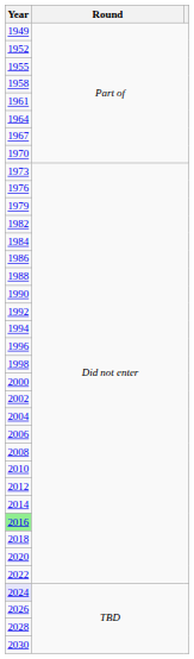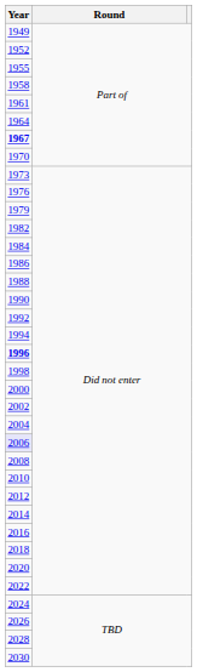 <table class="wikitable" style="text-align: center; font-size:90%">
 <tr>
 <th>Year</th>
 <th style="width:200px">Round</th>
 <th></th>
 </tr>
 <tr>
 <td><a href='#'>1949</a></td>
 <td colspan="2" rowspan="8"><em>Part of </em></td>
 </tr>
 <tr>
 <td><a href='#'>1952</a></td>
 </tr>
 <tr>
 <td><a href='#'>1955</a></td>
 </tr>
 <tr>
 <td><a href='#'>1958</a></td>
 </tr>
 <tr>
 <td><a href='#'>1961</a></td>
 </tr>
 <tr>
 <td><a href='#'>1964</a></td>
 </tr>
 <tr>
-<td><a href='#'>1967</a></td>
+<td><strong><a href='#'>1967</a></strong></td>
 </tr>
 <tr>
 <td><a href='#'>1970</a></td>
 </tr>
 <tr>
 <td><a href='#'>1973</a></td>
 <td colspan="2" rowspan="24"><em>Did not enter</em></td>
 </tr>
 <tr>
 <td><a href='#'>1976</a></td>
 </tr>
 <tr>
 <td><a href='#'>1979</a></td>
 </tr>
 <tr>
 <td><a href='#'>1982</a></td>
 </tr>
 <tr>
 <td><a href='#'>1984</a></td>
 </tr>
 <tr>
 <td><a href='#'>1986</a></td>
 </tr>
 <tr>
 <td><a href='#'>1988</a></td>
 </tr>
 <tr>
 <td><a href='#'>1990</a></td>
 </tr>
 <tr>
 <td><a href='#'>1992</a></td>
 </tr>
 <tr>
 <td><a href='#'>1994</a></td>
 </tr>
 <tr>
-<td><a href='#'>1996</a></td>
+<td><strong><a href='#'>1996</a></strong></td>
 </tr>
 <tr>
 <td><a href='#'>1998</a></td>
 </tr>
 <tr>
 <td><a href='#'>2000</a></td>
 </tr>
 <tr>
 <td><a href='#'>2002</a></td>
 </tr>
 <tr>
 <td><a href='#'>2004</a></td>
 </tr>
 <tr>
-<td><a href='#'>2006</a></td>
+<td style="background: lavender;"><a href='#'>2006</a></td>
 </tr>
 <tr>
 <td><a href='#'>2008</a></td>
 </tr>
 <tr>
 <td><a href='#'>2010</a></td>
 </tr>
 <tr>
 <td><a href='#'>2012</a></td>
 </tr>
 <tr>
 <td><a href='#'>2014</a></td>
 </tr>
 <tr>
-<td style="background: lightgreen;"><a href='#'>2016</a></td>
+<td><a href='#'>2016</a></td>
 </tr>
 <tr>
 <td><a href='#'>2018</a></td>
 </tr>
 <tr>
 <td><a href='#'>2020</a></td>
 </tr>
 <tr>
 <td><a href='#'>2022</a></td>
 </tr>
 <tr>
-<td style="background: lavender;"><a href='#'>2024</a></td>
+<td><a href='#'>2024</a></td>
 <td colspan="2" rowspan="4"><em>TBD</em></td>
 </tr>
 <tr>
 <td><a href='#'>2026</a></td>
 </tr>
 <tr>
 <td><a href='#'>2028</a></td>
 </tr>
 <tr>
 <td><a href='#'>2030</a></td>
 </tr>
 </table>
